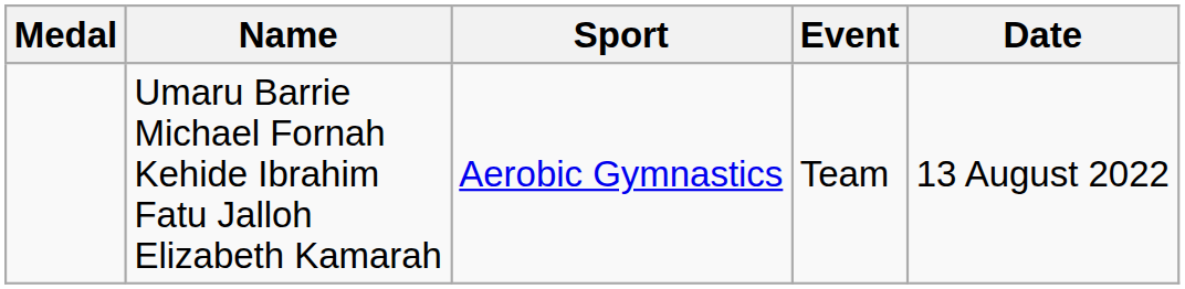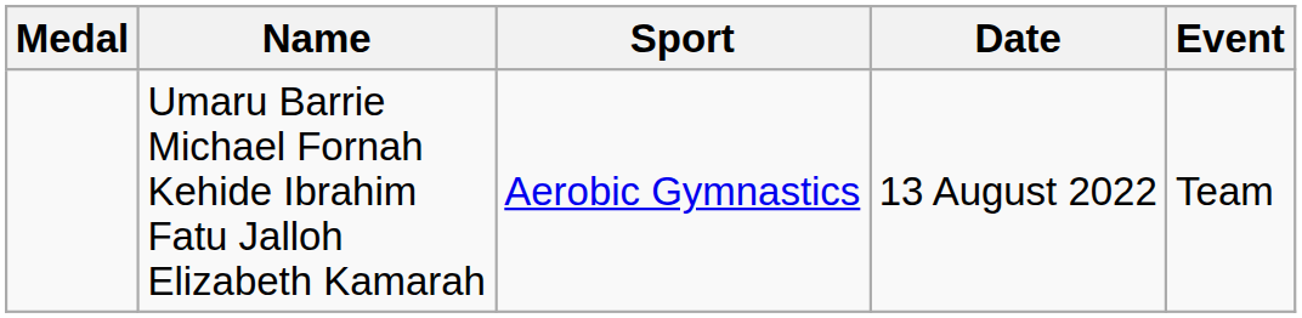 <table class="wikitable sortable" style="font-size: 95%;">
 <tr>
 <th>Medal</th>
 <th>Name</th>
 <th>Sport</th>
+<th>Date</th>
 <th>Event</th>
-<th>Date</th>
 </tr>
 <tr>
 <td></td>
 <td>Umaru Barrie<br>Michael Fornah<br>Kehide Ibrahim<br>Fatu Jalloh<br>Elizabeth Kamarah</td>
 <td><a href='#'>Aerobic Gymnastics</a></td>
+<td>13 August 2022</td>
 <td>Team</td>
-<td>13 August 2022</td>
 </tr>
 </table>
